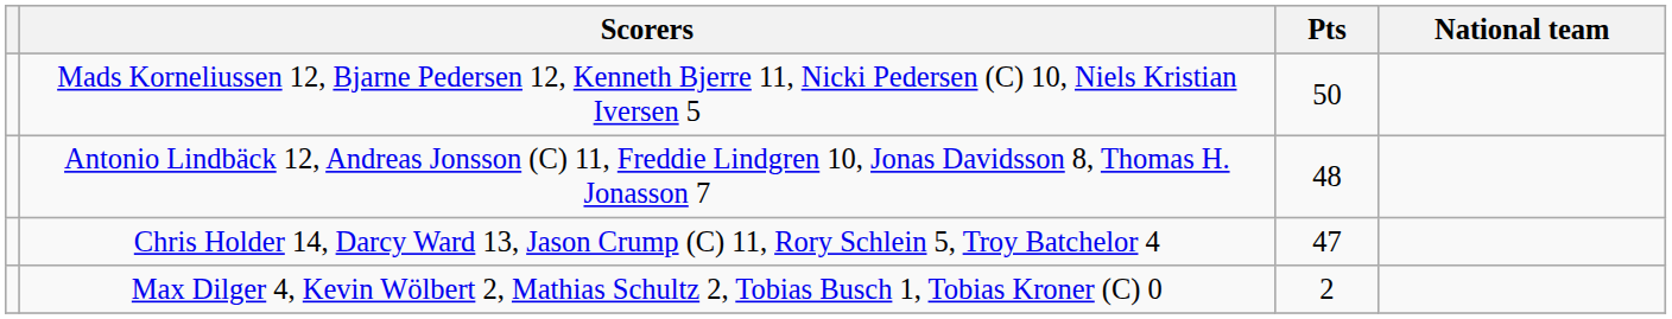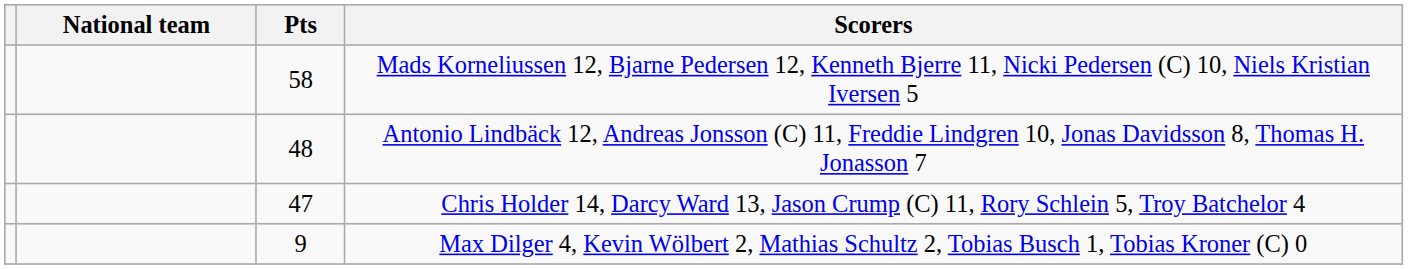 <table class=wikitable style="font-size: 95%">
 <tr>
 <th></th>
+<th width=150>National team</th>
+<th width=50>Pts</th>
 <th width=700>Scorers</th>
-<th width=50>Pts</th>
-<th width=150>National team</th>
 </tr>
 <tr align=center >
 <td></td>
+<td align=left></td>
+<td>58</td>
 <td><a href='#'>Mads Korneliussen</a> 12, <a href='#'>Bjarne Pedersen</a> 12, <a href='#'>Kenneth Bjerre</a> 11, <a href='#'>Nicki Pedersen</a> (C) 10, <a href='#'>Niels Kristian Iversen</a> 5</td>
-<td>50</td>
-<td align=left></td>
 </tr>
 <tr align=center>
 <td></td>
+<td align=left></td>
+<td>48</td>
 <td><a href='#'>Antonio Lindbäck</a> 12, <a href='#'>Andreas Jonsson</a> (C) 11, <a href='#'>Freddie Lindgren</a> 10, <a href='#'>Jonas Davidsson</a> 8, <a href='#'>Thomas H. Jonasson</a> 7</td>
-<td>48</td>
-<td align=left></td>
 </tr>
 <tr align=center>
 <td></td>
+<td align=left></td>
+<td>47</td>
 <td><a href='#'>Chris Holder</a> 14, <a href='#'>Darcy Ward</a> 13, <a href='#'>Jason Crump</a> (C) 11, <a href='#'>Rory Schlein</a> 5, <a href='#'>Troy Batchelor</a> 4</td>
-<td>47</td>
-<td align=left></td>
 </tr>
 <tr align=center>
 <td></td>
+<td align=left></td>
+<td>9</td>
 <td><a href='#'>Max Dilger</a> 4, <a href='#'>Kevin Wölbert</a> 2, <a href='#'>Mathias Schultz</a> 2, <a href='#'>Tobias Busch</a> 1, <a href='#'>Tobias Kroner</a> (C) 0</td>
-<td>2</td>
-<td align=left></td>
 </tr>
 </table>
